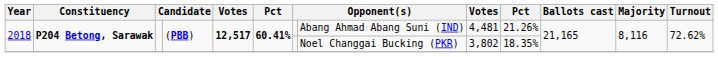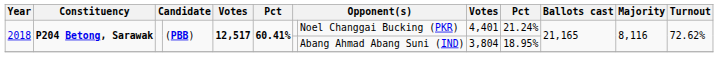 <table class="wikitable" style="margin:0.5em ; font-size:95%">
 <tr>
 <th>Year</th>
 <th>Constituency</th>
 <th colspan=2>Candidate</th>
 <th>Votes</th>
 <th>Pct</th>
 <th colspan=2>Opponent(s)</th>
 <th>Votes</th>
 <th>Pct</th>
 <th>Ballots cast</th>
 <th>Majority</th>
 <th>Turnout</th>
 </tr>
 <tr>
 <td rowspan=2><a href='#'>2018</a></td>
 <td rowspan="2"><strong>P204 <a href='#'>Betong</a>, Sarawak</strong></td>
 <td rowspan=2 ></td>
 <td rowspan=2> (<a href='#'><strong>PBB</strong></a>)</td>
 <td rowspan="2" style="text-align:right;"><strong>12,517</strong></td>
 <td rowspan=2 style="text-align:right;"><strong>60.41%</strong></td>
 <td></td>
-<td>Abang Ahmad Abang Suni (<a href='#'>IND</a>)</td>
-<td style="text-align:right;">4,481</td>
-<td style="text-align:right;">21.26%</td>
+<td>Noel Changgai Bucking (<a href='#'>PKR</a>)</td>
+<td style="text-align:right;">4,401</td>
+<td style="text-align:right;">21.24%</td>
 <td rowspan=2>21,165</td>
 <td rowspan=2>8,116</td>
 <td rowspan=2>72.62%</td>
 </tr>
 <tr>
 <td></td>
-<td>Noel Changgai Bucking (<a href='#'>PKR</a>)</td>
-<td style="text-align:right;">3,802</td>
-<td style="text-align:right;">18.35%</td>
+<td>Abang Ahmad Abang Suni (<a href='#'>IND</a>)</td>
+<td style="text-align:right;">3,804</td>
+<td style="text-align:right;">18.95%</td>
 </tr>
 <tr>
 </tr>
 </table>
